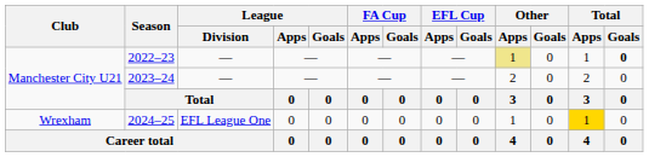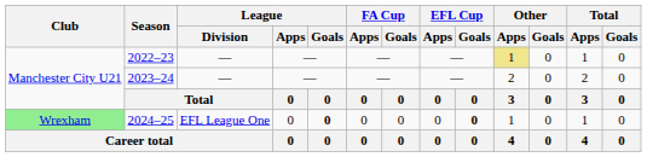 <table class="wikitable" style="text-align:center;">
 <tr>
 <th rowspan="2">Club</th>
 <th rowspan="2">Season</th>
 <th colspan="3">League</th>
 <th colspan="2"><a href='#'>FA Cup</a></th>
 <th colspan="2"><a href='#'>EFL Cup</a></th>
 <th colspan="2">Other</th>
 <th colspan="2">Total</th>
 </tr>
 <tr>
 <th>Division</th>
 <th>Apps</th>
 <th>Goals</th>
 <th>Apps</th>
 <th>Goals</th>
 <th>Apps</th>
 <th>Goals</th>
 <th>Apps</th>
 <th>Goals</th>
 <th>Apps</th>
 <th>Goals</th>
 </tr>
 <tr>
 <td rowspan=3><a href='#'>Manchester City U21</a></td>
 <td><a href='#'>2022–23</a></td>
 <td>—</td>
 <td colspan="2">—</td>
 <td colspan="2">—</td>
 <td colspan="2">—</td>
 <td style="background: khaki;">1</td>
 <td>0</td>
 <td>1</td>
-<td><strong>0</strong></td>
+<td>0</td>
 </tr>
 <tr>
 <td><a href='#'>2023–24</a></td>
 <td>—</td>
 <td colspan="2">—</td>
 <td colspan="2">—</td>
 <td colspan="2">—</td>
 <td>2</td>
 <td>0</td>
 <td>2</td>
 <td>0</td>
 </tr>
 <tr>
 <th colspan="2">Total</th>
 <th>0</th>
 <th>0</th>
 <th>0</th>
 <th>0</th>
 <th>0</th>
 <th>0</th>
 <th>3</th>
 <th>0</th>
 <th>3</th>
 <th>0</th>
 </tr>
 <tr>
-<td><a href='#'>Wrexham</a></td>
+<td style="background: lightgreen;"><a href='#'>Wrexham</a></td>
 <td><a href='#'>2024–25</a></td>
 <td><a href='#'>EFL League One</a></td>
 <td>0</td>
+<td><strong>0</strong></td>
 <td>0</td>
 <td>0</td>
 <td>0</td>
-<td>0</td>
+<td><strong>0</strong></td>
+<td>1</td>
 <td>0</td>
 <td>1</td>
-<td>0</td>
-<td style="background: gold;">1</td>
 <td>0</td>
 </tr>
 <tr>
 <th colspan="3">Career total</th>
 <th>0</th>
 <th>0</th>
 <th>0</th>
 <th>0</th>
 <th>0</th>
 <th>0</th>
 <th>4</th>
 <th>0</th>
 <th>4</th>
 <th>0</th>
 </tr>
 </table>
